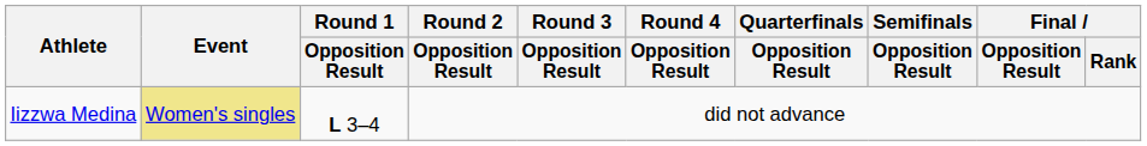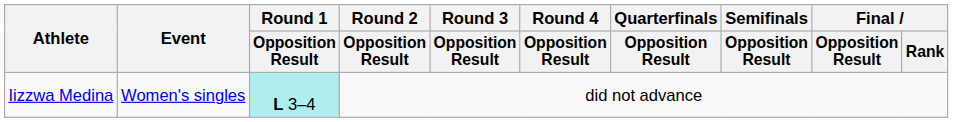 <table class="wikitable" style="font-size:90%">
 <tr>
 <th rowspan="2">Athlete</th>
 <th rowspan="2">Event</th>
 <th>Round 1</th>
 <th>Round 2</th>
 <th>Round 3</th>
 <th>Round 4</th>
 <th>Quarterfinals</th>
 <th>Semifinals</th>
 <th colspan=2>Final / </th>
 </tr>
 <tr style="font-size:95%">
 <th>Opposition<br>Result</th>
 <th>Opposition<br>Result</th>
 <th>Opposition<br>Result</th>
 <th>Opposition<br>Result</th>
 <th>Opposition<br>Result</th>
 <th>Opposition<br>Result</th>
 <th>Opposition<br>Result</th>
 <th>Rank</th>
 </tr>
 <tr align=center>
 <td align=left><a href='#'>Iizzwa Medina</a></td>
-<td align=left style="background: khaki;"><a href='#'>Women's singles</a></td>
-<td><br><strong>L</strong> 3–4</td>
+<td align=left><a href='#'>Women's singles</a></td>
+<td style="background: paleturquoise;"><br><strong>L</strong> 3–4</td>
 <td colspan=7>did not advance</td>
 </tr>
 </table>
